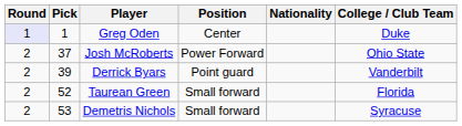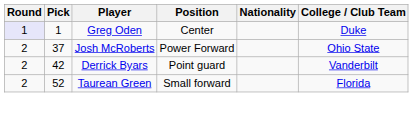 <table class="wikitable sortable sortable">
 <tr>
 <th>Round</th>
 <th>Pick</th>
 <th>Player</th>
 <th>Position</th>
 <th>Nationality</th>
 <th>College / Club Team</th>
 </tr>
 <tr style="text-align:center;">
 <td style="background: lavender;">1</td>
 <td>1</td>
 <td><a href='#'>Greg Oden</a></td>
 <td>Center</td>
 <td></td>
 <td><a href='#'>Duke</a></td>
 </tr>
 <tr style="text-align:center;">
 <td>2</td>
 <td>37</td>
 <td><a href='#'>Josh McRoberts</a></td>
 <td>Power Forward</td>
 <td></td>
 <td><a href='#'>Ohio State</a></td>
 </tr>
 <tr style="text-align:center;">
 <td>2</td>
-<td>39</td>
+<td>42</td>
 <td><a href='#'>Derrick Byars</a></td>
 <td>Point guard</td>
 <td></td>
 <td><a href='#'>Vanderbilt</a></td>
 </tr>
 <tr style="text-align:center;">
 <td>2</td>
 <td>52</td>
 <td><a href='#'>Taurean Green</a></td>
 <td>Small forward</td>
 <td></td>
 <td><a href='#'>Florida</a></td>
 </tr>
-<tr style="text-align:center;">
-<td>2</td>
-<td>53</td>
-<td><a href='#'>Demetris Nichols</a></td>
-<td>Small forward</td>
-<td></td>
-<td><a href='#'>Syracuse</a></td>
-</tr>
 </table>
